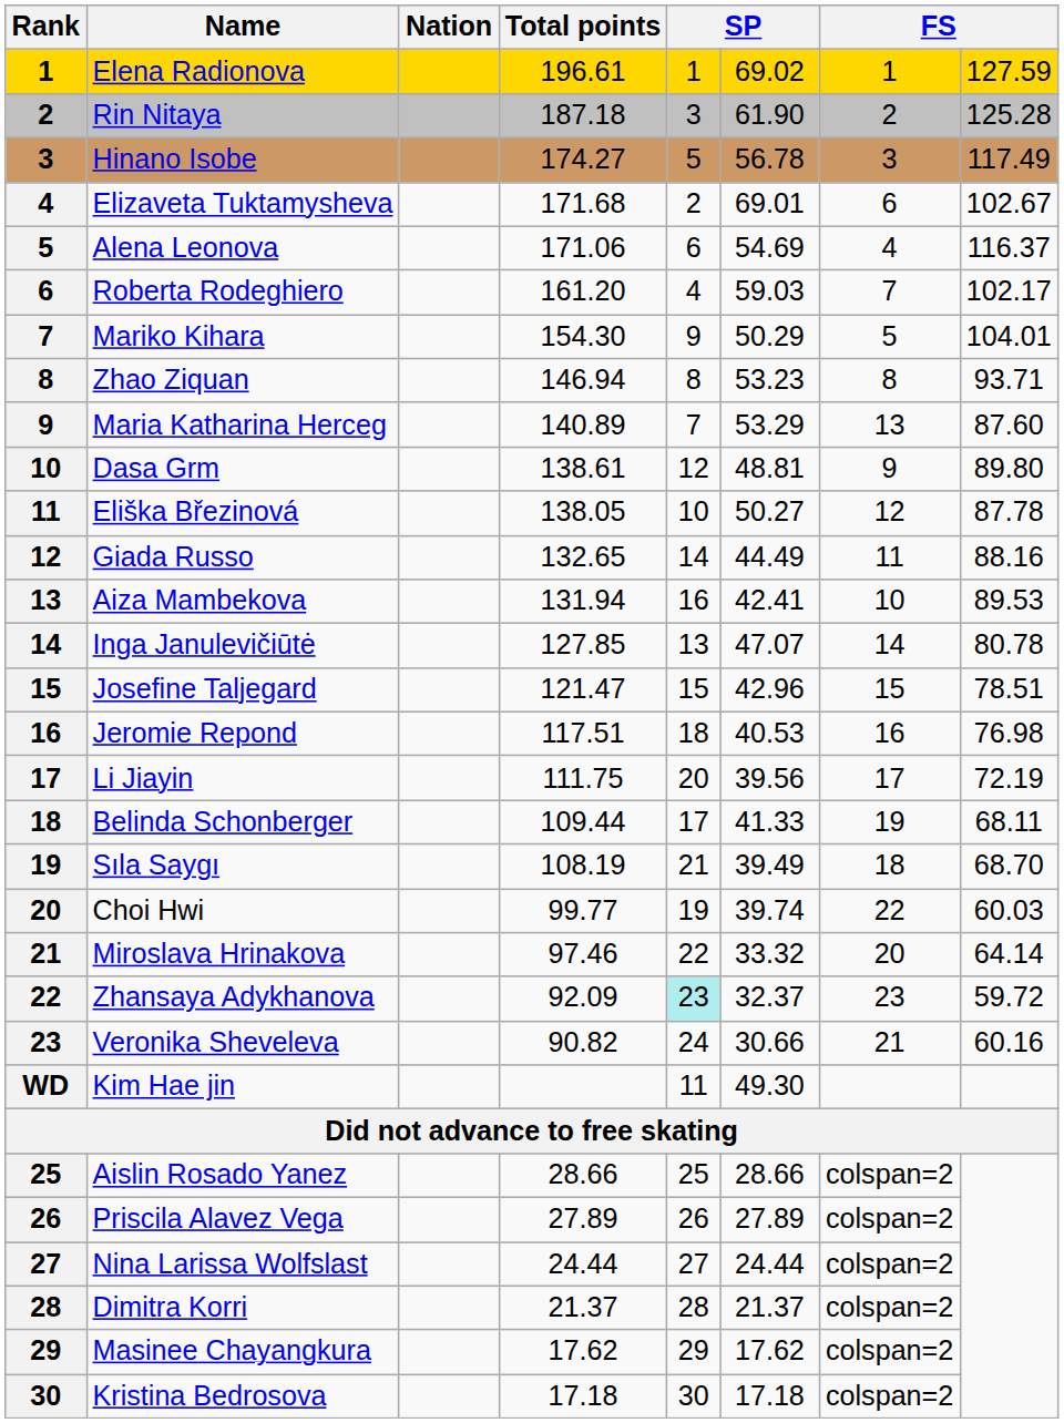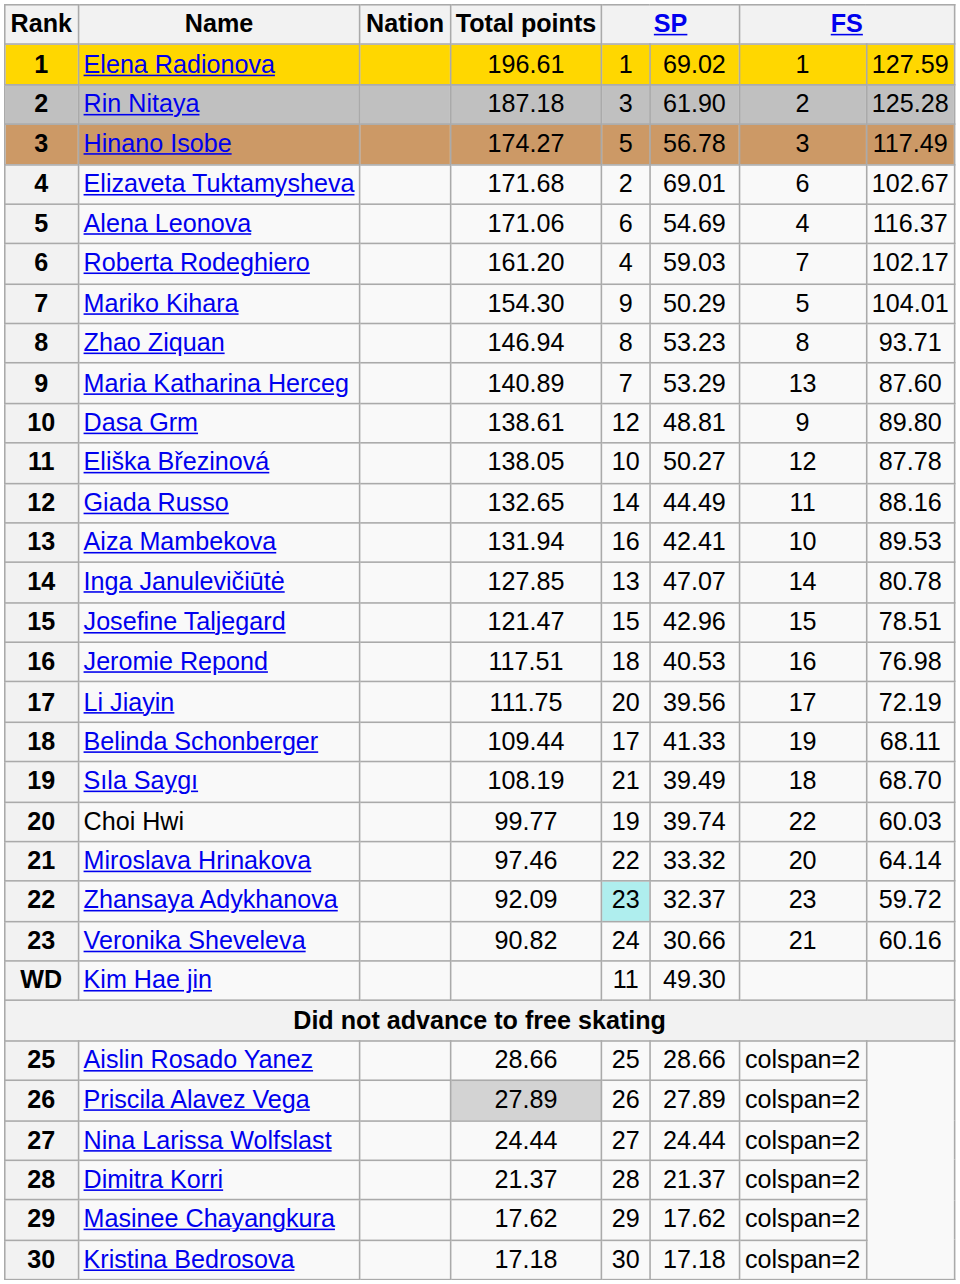 <table class="wikitable sortable">
 <tr>
 <th>Rank</th>
 <th>Name</th>
 <th>Nation</th>
 <th>Total points</th>
 <th colspan="2" width="80px"><a href='#'>SP</a></th>
 <th colspan="2" width="80px"><a href='#'>FS</a></th>
 </tr>
 <tr bgcolor="gold">
 <td align="center"><strong>1</strong></td>
 <td><a href='#'>Elena Radionova</a></td>
 <td></td>
 <td align="center">196.61</td>
 <td align="center">1</td>
 <td align="center">69.02</td>
 <td align="center">1</td>
 <td align="center">127.59</td>
 </tr>
 <tr bgcolor="silver">
 <td align="center"><strong>2</strong></td>
 <td><a href='#'>Rin Nitaya</a></td>
 <td></td>
 <td align="center">187.18</td>
 <td align="center">3</td>
 <td align="center">61.90</td>
 <td align="center">2</td>
 <td align="center">125.28</td>
 </tr>
 <tr bgcolor="#cc9966">
 <td align="center"><strong>3</strong></td>
 <td><a href='#'>Hinano Isobe</a></td>
 <td></td>
 <td align="center">174.27</td>
 <td align="center">5</td>
 <td align="center">56.78</td>
 <td align="center">3</td>
 <td align="center">117.49</td>
 </tr>
 <tr>
 <th>4</th>
 <td><a href='#'>Elizaveta Tuktamysheva</a></td>
 <td></td>
 <td align="center">171.68</td>
 <td align="center">2</td>
 <td align="center">69.01</td>
 <td align="center">6</td>
 <td align="center">102.67</td>
 </tr>
 <tr>
 <th>5</th>
 <td><a href='#'>Alena Leonova</a></td>
 <td></td>
 <td align="center">171.06</td>
 <td align="center">6</td>
 <td align="center">54.69</td>
 <td align="center">4</td>
 <td align="center">116.37</td>
 </tr>
 <tr>
 <th>6</th>
 <td><a href='#'>Roberta Rodeghiero</a></td>
 <td></td>
 <td align="center">161.20</td>
 <td align="center">4</td>
 <td align="center">59.03</td>
 <td align="center">7</td>
 <td align="center">102.17</td>
 </tr>
 <tr>
 <th>7</th>
 <td><a href='#'>Mariko Kihara</a></td>
 <td></td>
 <td align="center">154.30</td>
 <td align="center">9</td>
 <td align="center">50.29</td>
 <td align="center">5</td>
 <td align="center">104.01</td>
 </tr>
 <tr>
 <th>8</th>
 <td><a href='#'>Zhao Ziquan</a></td>
 <td></td>
 <td align="center">146.94</td>
 <td align="center">8</td>
 <td align="center">53.23</td>
 <td align="center">8</td>
 <td align="center">93.71</td>
 </tr>
 <tr>
 <th>9</th>
 <td><a href='#'>Maria Katharina Herceg</a></td>
 <td></td>
 <td align="center">140.89</td>
 <td align="center">7</td>
 <td align="center">53.29</td>
 <td align="center">13</td>
 <td align="center">87.60</td>
 </tr>
 <tr>
 <th>10</th>
 <td><a href='#'>Dasa Grm</a></td>
 <td></td>
 <td align="center">138.61</td>
 <td align="center">12</td>
 <td align="center">48.81</td>
 <td align="center">9</td>
 <td align="center">89.80</td>
 </tr>
 <tr>
 <th>11</th>
 <td><a href='#'>Eliška Březinová</a></td>
 <td></td>
 <td align="center">138.05</td>
 <td align="center">10</td>
 <td align="center">50.27</td>
 <td align="center">12</td>
 <td align="center">87.78</td>
 </tr>
 <tr>
 <th>12</th>
 <td><a href='#'>Giada Russo</a></td>
 <td></td>
 <td align="center">132.65</td>
 <td align="center">14</td>
 <td align="center">44.49</td>
 <td align="center">11</td>
 <td align="center">88.16</td>
 </tr>
 <tr>
 <th>13</th>
 <td><a href='#'>Aiza Mambekova</a></td>
 <td></td>
 <td align="center">131.94</td>
 <td align="center">16</td>
 <td align="center">42.41</td>
 <td align="center">10</td>
 <td align="center">89.53</td>
 </tr>
 <tr>
 <th>14</th>
 <td><a href='#'>Inga Janulevičiūtė</a></td>
 <td></td>
 <td align="center">127.85</td>
 <td align="center">13</td>
 <td align="center">47.07</td>
 <td align="center">14</td>
 <td align="center">80.78</td>
 </tr>
 <tr>
 <th>15</th>
 <td><a href='#'>Josefine Taljegard</a></td>
 <td></td>
 <td align="center">121.47</td>
 <td align="center">15</td>
 <td align="center">42.96</td>
 <td align="center">15</td>
 <td align="center">78.51</td>
 </tr>
 <tr>
 <th>16</th>
 <td><a href='#'>Jeromie Repond</a></td>
 <td></td>
 <td align="center">117.51</td>
 <td align="center">18</td>
 <td align="center">40.53</td>
 <td align="center">16</td>
 <td align="center">76.98</td>
 </tr>
 <tr>
 <th>17</th>
 <td><a href='#'>Li Jiayin</a></td>
 <td></td>
 <td align="center">111.75</td>
 <td align="center">20</td>
 <td align="center">39.56</td>
 <td align="center">17</td>
 <td align="center">72.19</td>
 </tr>
 <tr>
 <th>18</th>
 <td><a href='#'>Belinda Schonberger</a></td>
 <td></td>
 <td align="center">109.44</td>
 <td align="center">17</td>
 <td align="center">41.33</td>
 <td align="center">19</td>
 <td align="center">68.11</td>
 </tr>
 <tr>
 <th>19</th>
 <td><a href='#'>Sıla Saygı</a></td>
 <td></td>
 <td align="center">108.19</td>
 <td align="center">21</td>
 <td align="center">39.49</td>
 <td align="center">18</td>
 <td align="center">68.70</td>
 </tr>
 <tr>
 <th>20</th>
 <td>Choi Hwi</td>
 <td></td>
 <td align="center">99.77</td>
 <td align="center">19</td>
 <td align="center">39.74</td>
 <td align="center">22</td>
 <td align="center">60.03</td>
 </tr>
 <tr>
 <th>21</th>
 <td><a href='#'>Miroslava Hrinakova</a></td>
 <td></td>
 <td align="center">97.46</td>
 <td align="center">22</td>
 <td align="center">33.32</td>
 <td align="center">20</td>
 <td align="center">64.14</td>
 </tr>
 <tr>
 <th>22</th>
 <td><a href='#'>Zhansaya Adykhanova</a></td>
 <td></td>
 <td align="center">92.09</td>
 <td align="center" style="background: paleturquoise;">23</td>
 <td align="center">32.37</td>
 <td align="center">23</td>
 <td align="center">59.72</td>
 </tr>
 <tr>
 <th>23</th>
 <td><a href='#'>Veronika Sheveleva</a></td>
 <td></td>
 <td align="center">90.82</td>
 <td align="center">24</td>
 <td align="center">30.66</td>
 <td align="center">21</td>
 <td align="center">60.16</td>
 </tr>
 <tr>
 <th>WD</th>
 <td><a href='#'>Kim Hae jin</a></td>
 <td></td>
 <td align="center"></td>
 <td align="center">11</td>
 <td align="center">49.30</td>
 <td align="center"></td>
 <td align="center"></td>
 </tr>
 <tr>
 <th colspan=8>Did not advance to free skating</th>
 </tr>
 <tr>
 <th>25</th>
 <td><a href='#'>Aislin Rosado Yanez</a></td>
 <td></td>
 <td align="center">28.66</td>
 <td align="center">25</td>
 <td align="center">28.66</td>
 <td>colspan=2 </td>
 </tr>
 <tr>
 <th>26</th>
 <td><a href='#'>Priscila Alavez Vega</a></td>
 <td></td>
-<td align="center">27.89</td>
+<td align="center" style="background: lightgrey;">27.89</td>
 <td align="center">26</td>
 <td align="center">27.89</td>
 <td>colspan=2 </td>
 </tr>
 <tr>
 <th>27</th>
 <td><a href='#'>Nina Larissa Wolfslast</a></td>
 <td></td>
 <td align="center">24.44</td>
 <td align="center">27</td>
 <td align="center">24.44</td>
 <td>colspan=2 </td>
 </tr>
 <tr>
 <th>28</th>
 <td><a href='#'>Dimitra Korri</a></td>
 <td></td>
 <td align="center">21.37</td>
 <td align="center">28</td>
 <td align="center">21.37</td>
 <td>colspan=2 </td>
 </tr>
 <tr>
 <th>29</th>
 <td><a href='#'>Masinee Chayangkura</a></td>
 <td></td>
 <td align="center">17.62</td>
 <td align="center">29</td>
 <td align="center">17.62</td>
 <td>colspan=2 </td>
 </tr>
 <tr>
 <th>30</th>
 <td><a href='#'>Kristina Bedrosova</a></td>
 <td></td>
 <td align="center">17.18</td>
 <td align="center">30</td>
 <td align="center">17.18</td>
 <td>colspan=2 </td>
 </tr>
 </table>
